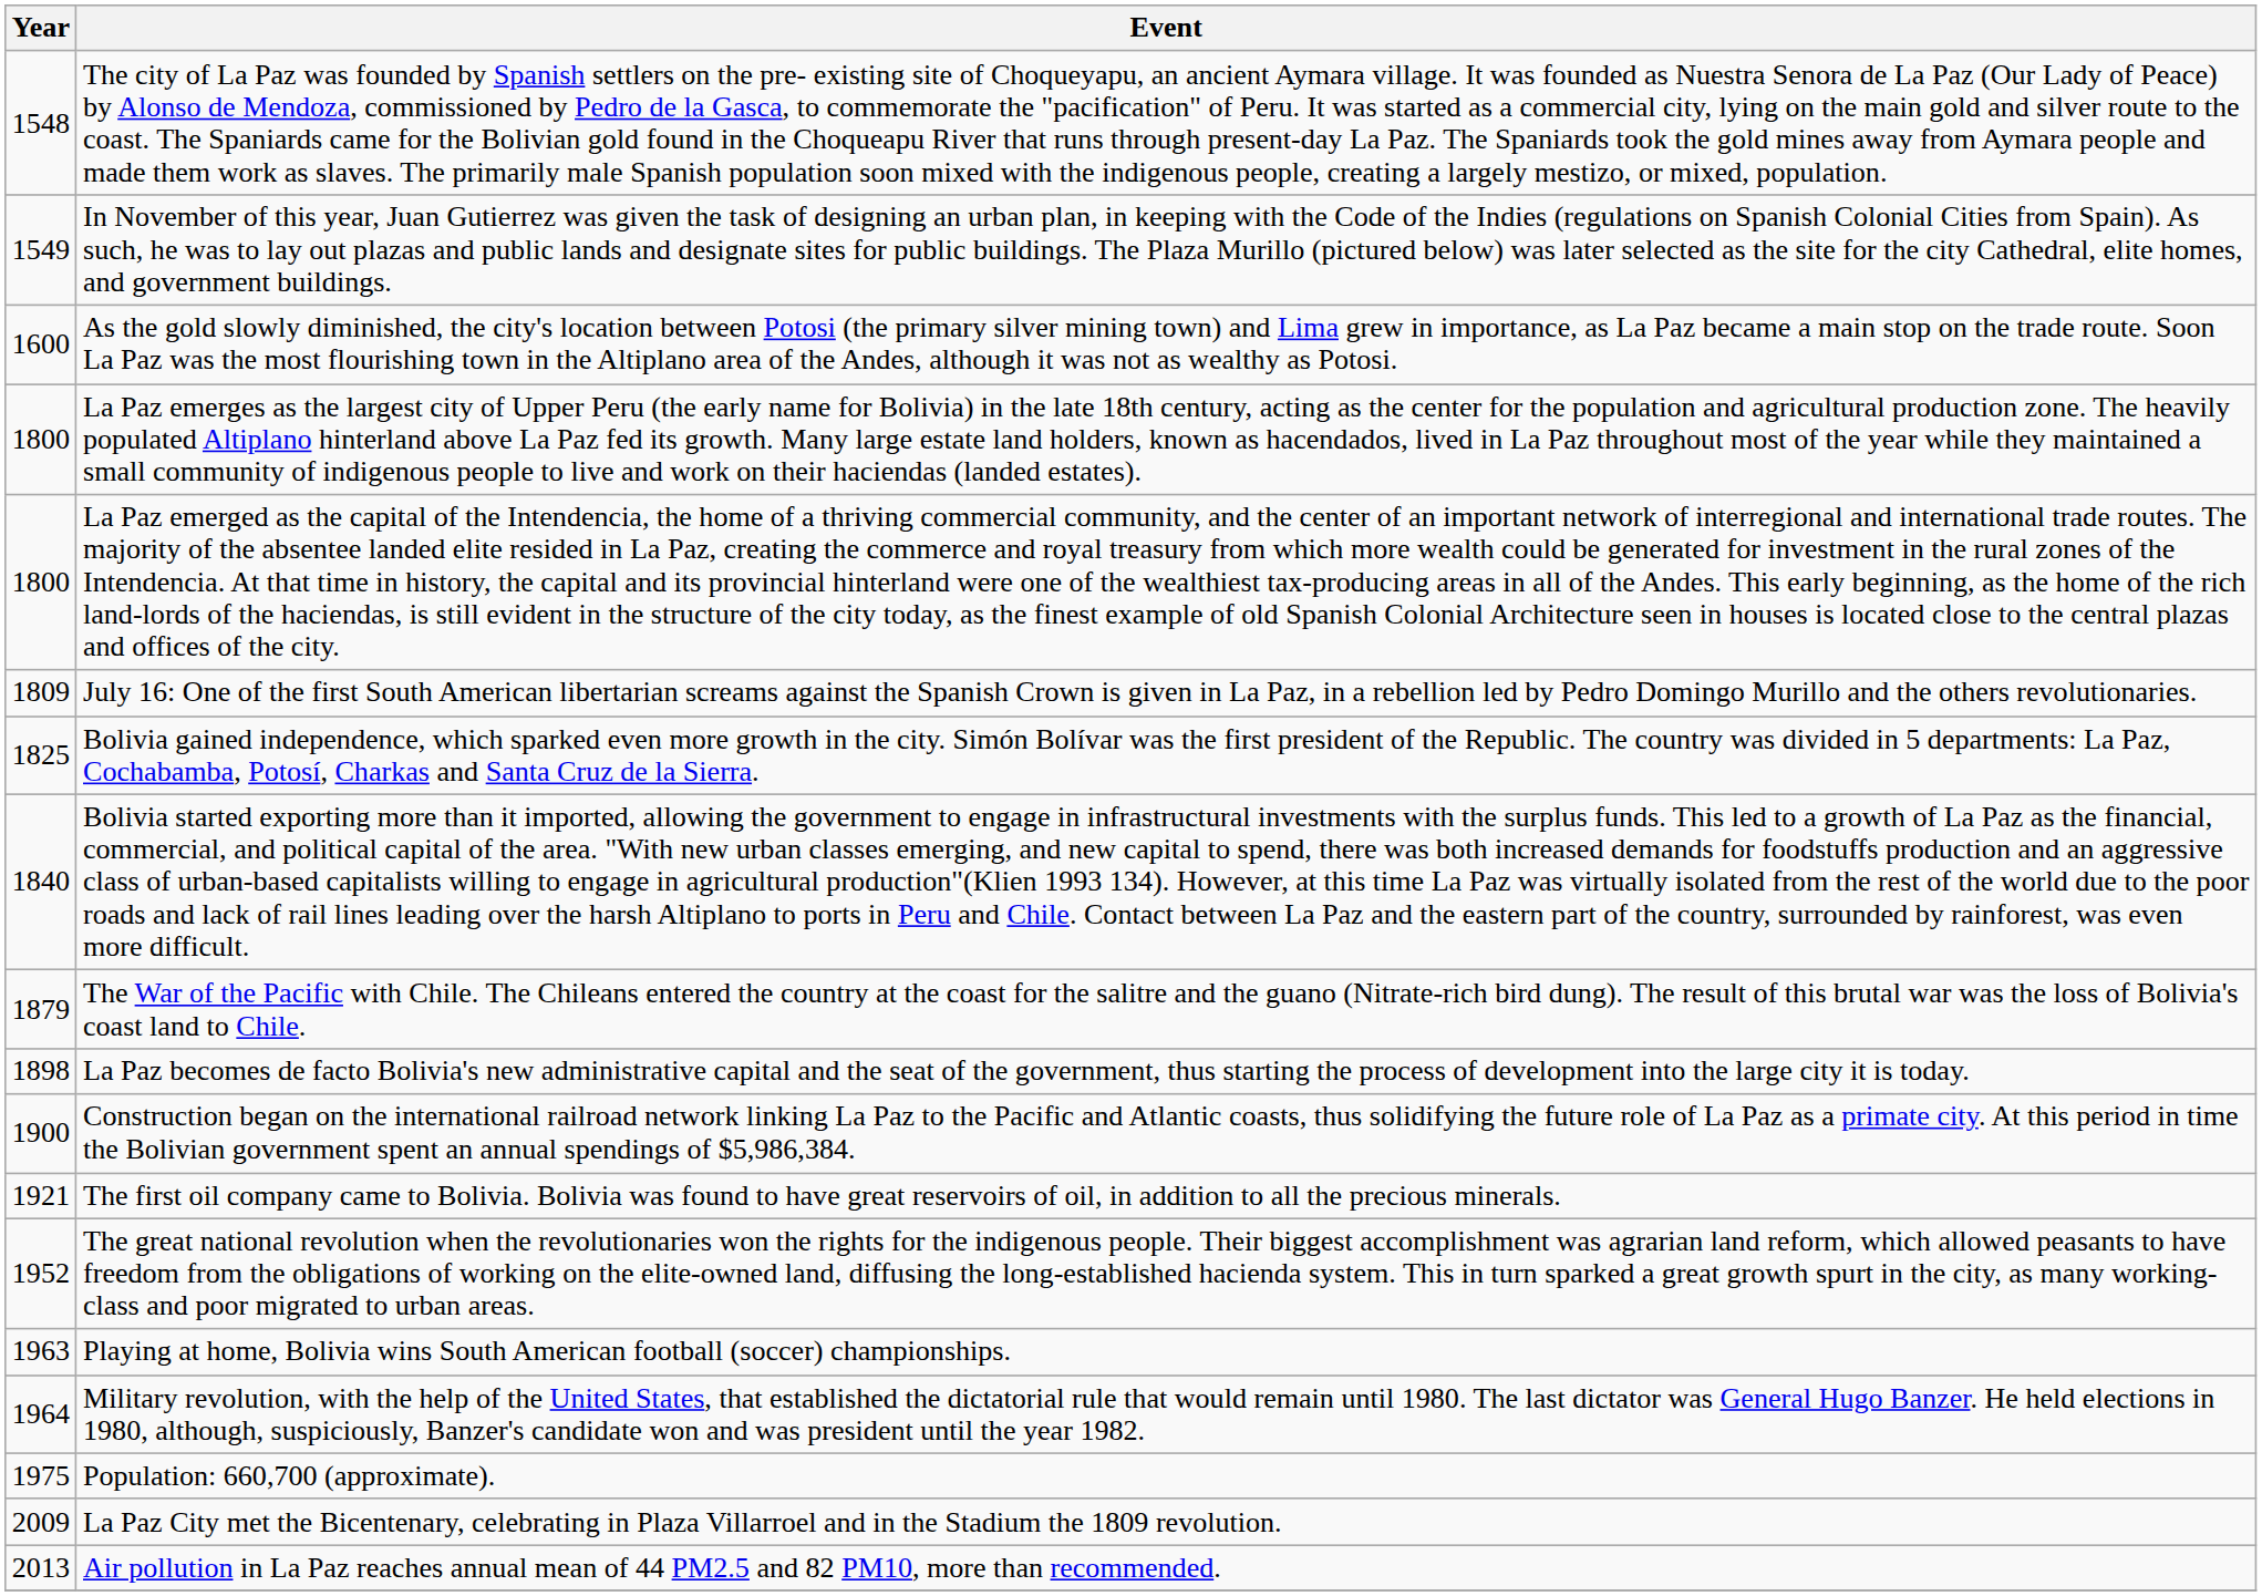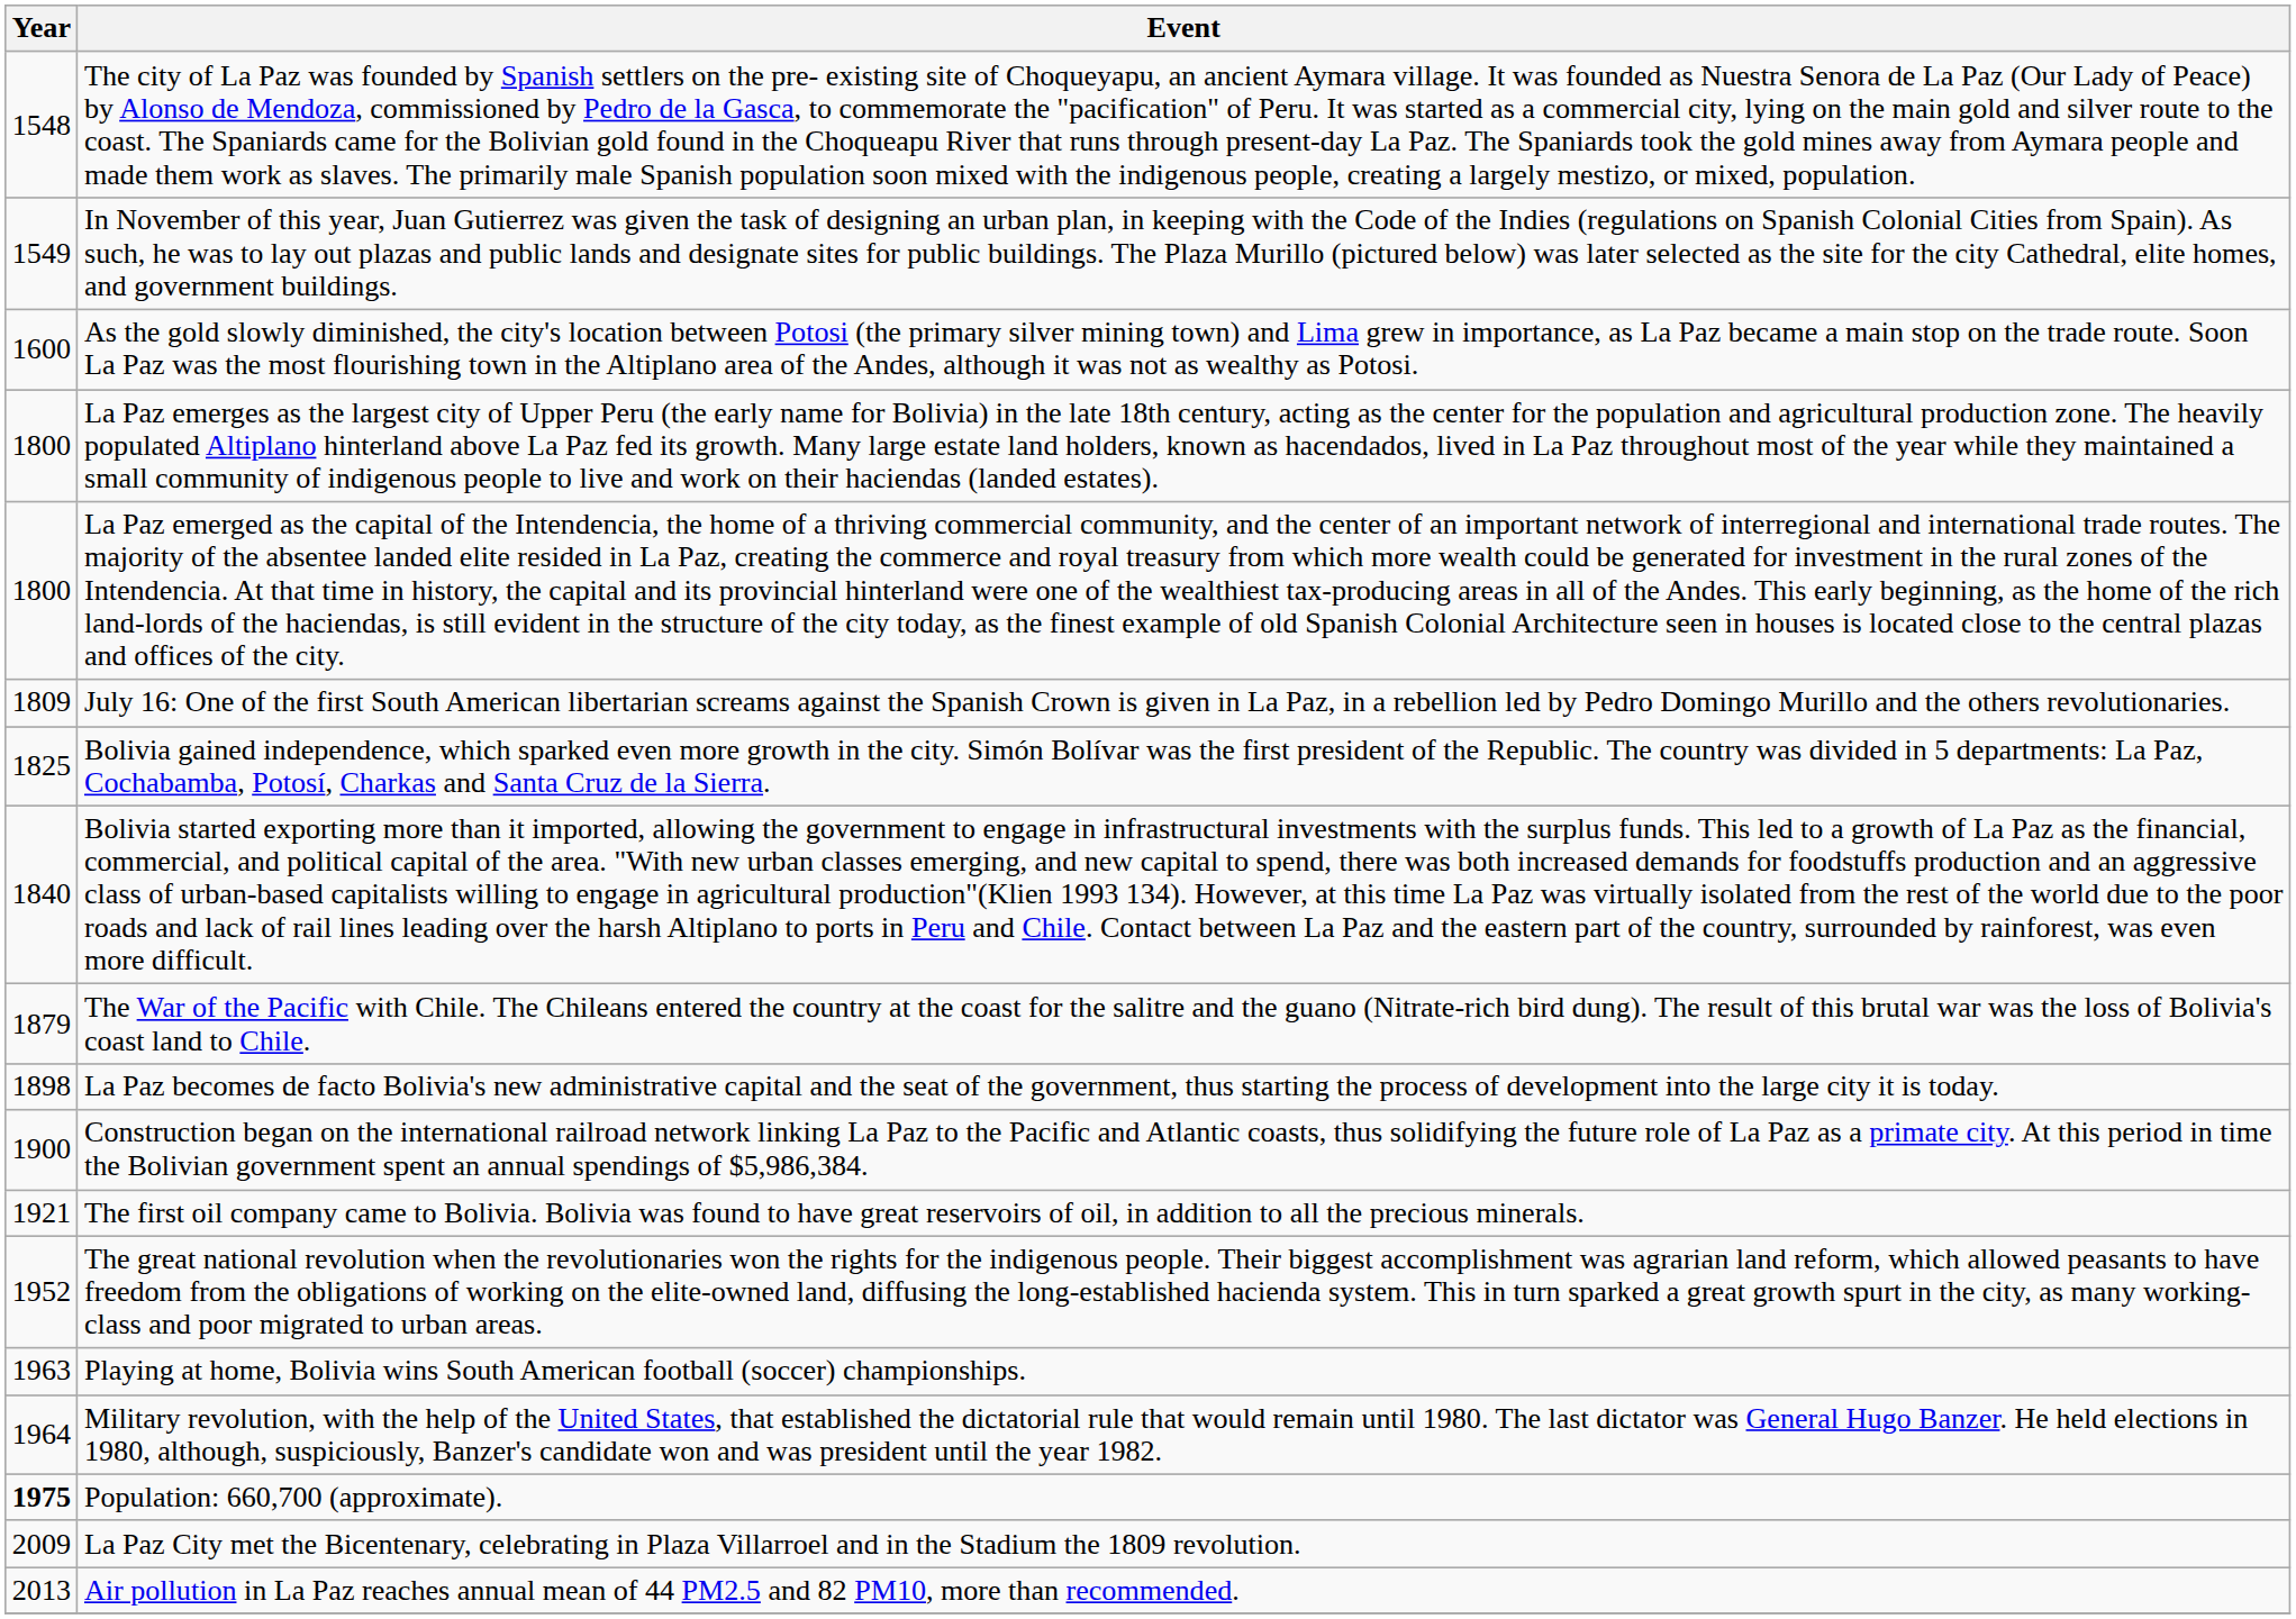 <table class="wikitable">
 <tr>
 <th>Year</th>
 <th>Event</th>
 </tr>
 <tr>
 <td>1548</td>
 <td>The city of La Paz was founded by <a href='#'>Spanish</a> settlers on the pre- existing site of Choqueyapu, an ancient Aymara village. It was founded as Nuestra Senora de La Paz (Our Lady of Peace) by <a href='#'>Alonso de Mendoza</a>, commissioned by <a href='#'>Pedro de la Gasca</a>, to commemorate the "pacification" of Peru. It was started as a commercial city, lying on the main gold and silver route to the coast. The Spaniards came for the Bolivian gold found in the Choqueapu River that runs through present-day La Paz. The Spaniards took the gold mines away from Aymara people and made them work as slaves. The primarily male Spanish population soon mixed with the indigenous people, creating a largely mestizo, or mixed, population.</td>
 </tr>
 <tr>
 <td>1549</td>
 <td>In November of this year, Juan Gutierrez was given the task of designing an urban plan, in keeping with the Code of the Indies (regulations on Spanish Colonial Cities from Spain). As such, he was to lay out plazas and public lands and designate sites for public buildings. The Plaza Murillo (pictured below) was later selected as the site for the city Cathedral, elite homes, and government buildings.</td>
 </tr>
 <tr>
 <td>1600</td>
 <td>As the gold slowly diminished, the city's location between <a href='#'>Potosi</a> (the primary silver mining town) and <a href='#'>Lima</a> grew in importance, as La Paz became a main stop on the trade route. Soon La Paz was the most flourishing town in the Altiplano area of the Andes, although it was not as wealthy as Potosi.</td>
 </tr>
 <tr>
 <td>1800</td>
 <td>La Paz emerges as the largest city of Upper Peru (the early name for Bolivia) in the late 18th century, acting as the center for the population and agricultural production zone. The heavily populated <a href='#'>Altiplano</a> hinterland above La Paz fed its growth. Many large estate land holders, known as hacendados, lived in La Paz throughout most of the year while they maintained a small community of indigenous people to live and work on their haciendas (landed estates).</td>
 </tr>
 <tr>
 <td>1800</td>
 <td>La Paz emerged as the capital of the Intendencia, the home of a thriving commercial community, and the center of an important network of interregional and international trade routes. The majority of the absentee landed elite resided in La Paz, creating the commerce and royal treasury from which more wealth could be generated for investment in the rural zones of the Intendencia. At that time in history, the capital and its provincial hinterland were one of the wealthiest tax-producing areas in all of the Andes. This early beginning, as the home of the rich land-lords of the haciendas, is still evident in the structure of the city today, as the finest example of old Spanish Colonial Architecture seen in houses is located close to the central plazas and offices of the city.</td>
 </tr>
 <tr>
 <td>1809</td>
 <td>July 16: One of the first South American libertarian screams against the Spanish Crown is given in La Paz, in a rebellion led by Pedro Domingo Murillo and the others revolutionaries.</td>
 </tr>
 <tr>
 <td>1825</td>
 <td>Bolivia gained independence, which sparked even more growth in the city. Simón Bolívar was the first president of the Republic. The country was divided in 5 departments: La Paz, <a href='#'>Cochabamba</a>, <a href='#'>Potosí</a>, <a href='#'>Charkas</a> and <a href='#'>Santa Cruz de la Sierra</a>.</td>
 </tr>
 <tr>
 <td>1840</td>
 <td>Bolivia started exporting more than it imported, allowing the government to engage in infrastructural investments with the surplus funds. This led to a growth of La Paz as the financial, commercial, and political capital of the area. "With new urban classes emerging, and new capital to spend, there was both increased demands for foodstuffs production and an aggressive class of urban-based capitalists willing to engage in agricultural production"(Klien 1993 134). However, at this time La Paz was virtually isolated from the rest of the world due to the poor roads and lack of rail lines leading over the harsh Altiplano to ports in <a href='#'>Peru</a> and <a href='#'>Chile</a>. Contact between La Paz and the eastern part of the country, surrounded by rainforest, was even more difficult.</td>
 </tr>
 <tr>
 <td>1879</td>
 <td>The <a href='#'>War of the Pacific</a> with Chile. The Chileans entered the country at the coast for the salitre and the guano (Nitrate-rich bird dung). The result of this brutal war was the loss of Bolivia's coast land to <a href='#'>Chile</a>.</td>
 </tr>
 <tr>
 <td>1898</td>
 <td>La Paz becomes de facto Bolivia's new administrative capital and the seat of the government, thus starting the process of development into the large city it is today.</td>
 </tr>
 <tr>
 <td>1900</td>
 <td>Construction began on the international railroad network linking La Paz to the Pacific and Atlantic coasts, thus solidifying the future role of La Paz as a <a href='#'>primate city</a>.  At this period in time the Bolivian government spent an annual spendings of $5,986,384.</td>
 </tr>
 <tr>
 <td>1921</td>
 <td>The first oil company came to Bolivia. Bolivia was found to have great reservoirs of oil, in addition to all the precious minerals.</td>
 </tr>
 <tr>
 <td>1952</td>
 <td>The great national revolution when the revolutionaries won the rights for the indigenous people. Their biggest accomplishment was agrarian land reform, which allowed peasants to have freedom from the obligations of working on the elite-owned land, diffusing the long-established hacienda system. This in turn sparked a great growth spurt in the city, as many working-class and poor migrated to urban areas.</td>
 </tr>
 <tr>
 <td>1963</td>
 <td>Playing at home, Bolivia wins South American football (soccer) championships.</td>
 </tr>
 <tr>
 <td>1964</td>
 <td>Military revolution, with the help of the <a href='#'>United States</a>, that established the dictatorial rule that would remain until 1980. The last dictator was <a href='#'>General Hugo Banzer</a>. He held elections in 1980, although, suspiciously, Banzer's candidate won and was president until the year 1982.</td>
 </tr>
 <tr>
-<td>1975</td>
+<td><strong>1975</strong></td>
 <td>Population: 660,700 (approximate).</td>
 </tr>
 <tr>
 <td>2009</td>
 <td>La Paz City met the Bicentenary, celebrating in  Plaza Villarroel and in the Stadium the 1809 revolution.</td>
 </tr>
 <tr>
 <td>2013</td>
 <td><a href='#'>Air pollution</a> in La Paz reaches annual mean of 44 <a href='#'>PM2.5</a> and 82 <a href='#'>PM10</a>, more than <a href='#'>recommended</a>.</td>
 </tr>
 <tr>
 </tr>
 </table>
